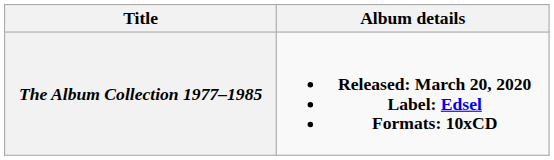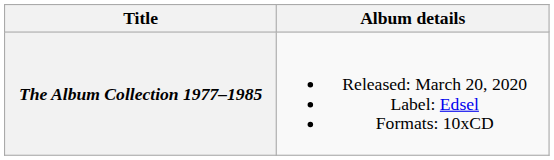 <table class="wikitable plainrowheaders" style="text-align:center;">
 <tr>
 <th scope="col" style="width:15em;">Title</th>
 <th scope="col" style="width:15em;">Album details</th>
 </tr>
 <tr>
 <th scope="row"><em>The Album Collection 1977–1985</em></th>
-<td><strong><br><ul><li>Released: March 20, 2020</li><li>Label: <a href='#'>Edsel</a></li><li>Formats: 10xCD</li></ul></strong></td>
+<td><br><ul><li>Released: March 20, 2020</li><li>Label: <a href='#'>Edsel</a></li><li>Formats: 10xCD</li></ul></td>
 </tr>
 </table>
